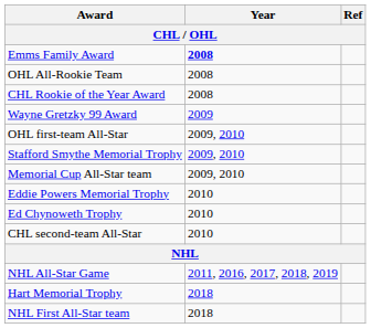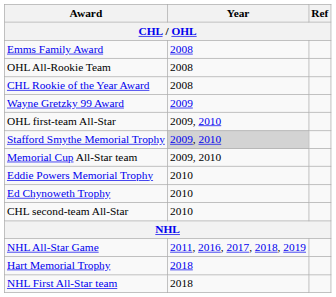 <table class="wikitable">
 <tr>
 <th>Award</th>
 <th>Year</th>
 <th>Ref</th>
 </tr>
 <tr>
 <th colspan="3"><a href='#'>CHL</a> / <a href='#'>OHL</a></th>
 </tr>
 <tr>
 <td><a href='#'>Emms Family Award</a></td>
-<td><strong><a href='#'>2008</a></strong></td>
+<td><a href='#'>2008</a></td>
 <td></td>
 </tr>
 <tr>
 <td>OHL All-Rookie Team</td>
 <td>2008</td>
 <td></td>
 </tr>
 <tr>
 <td><a href='#'>CHL Rookie of the Year Award</a></td>
 <td>2008</td>
 <td></td>
 </tr>
 <tr>
 <td><a href='#'>Wayne Gretzky 99 Award</a></td>
 <td><a href='#'>2009</a></td>
 <td></td>
 </tr>
 <tr>
 <td>OHL first-team All-Star</td>
 <td>2009, <a href='#'>2010</a></td>
 <td></td>
 </tr>
 <tr>
 <td><a href='#'>Stafford Smythe Memorial Trophy</a></td>
-<td><a href='#'>2009</a>, <a href='#'>2010</a></td>
+<td style="background: lightgrey;"><a href='#'>2009</a>, <a href='#'>2010</a></td>
 <td></td>
 </tr>
 <tr>
 <td><a href='#'>Memorial Cup</a> All-Star team</td>
 <td>2009, 2010</td>
 <td></td>
 </tr>
 <tr>
 <td><a href='#'>Eddie Powers Memorial Trophy</a></td>
 <td>2010</td>
 <td></td>
 </tr>
 <tr>
 <td><a href='#'>Ed Chynoweth Trophy</a></td>
 <td>2010</td>
 <td></td>
 </tr>
 <tr>
 <td>CHL second-team All-Star</td>
 <td>2010</td>
 <td></td>
 </tr>
 <tr>
 <th colspan="3"><a href='#'>NHL</a></th>
 </tr>
 <tr>
 <td><a href='#'>NHL All-Star Game</a></td>
 <td><a href='#'>2011</a>, <a href='#'>2016</a>, <a href='#'>2017</a>, <a href='#'>2018</a>, <a href='#'>2019</a></td>
 <td></td>
 </tr>
 <tr>
 <td><a href='#'>Hart Memorial Trophy</a></td>
 <td><a href='#'>2018</a></td>
 <td></td>
 </tr>
 <tr>
 <td><a href='#'>NHL First All-Star team</a></td>
 <td>2018</td>
 <td></td>
 </tr>
 </table>
